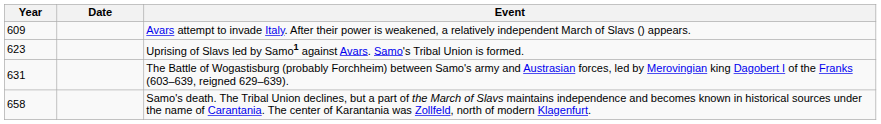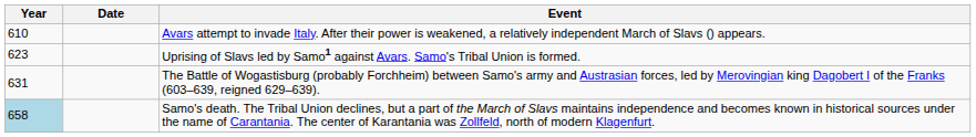 <table class="wikitable" width="100%">
 <tr>
 <th style="width:6%">Year</th>
 <th style="width:10%">Date</th>
 <th>Event</th>
 </tr>
 <tr>
-<td>609</td>
+<td>610</td>
 <td></td>
 <td><a href='#'>Avars</a> attempt to invade <a href='#'>Italy</a>. After their power is weakened, a relatively independent March of Slavs () appears.</td>
 </tr>
 <tr>
 <td>623</td>
 <td></td>
 <td>Uprising of Slavs led by Samo<sup><strong>1</strong></sup> against <a href='#'>Avars</a>. <a href='#'>Samo</a>'s Tribal Union is formed.</td>
 </tr>
 <tr>
 <td>631</td>
 <td></td>
 <td>The Battle of Wogastisburg (probably Forchheim) between Samo's army and <a href='#'>Austrasian</a> forces, led by <a href='#'>Merovingian</a> king <a href='#'>Dagobert I</a> of the <a href='#'>Franks</a> (603–639, reigned 629–639).</td>
 </tr>
 <tr>
-<td>658</td>
+<td style="background: lightblue;">658</td>
 <td></td>
 <td>Samo's death. The Tribal Union declines, but a part of <em>the March of Slavs</em> maintains independence and becomes known in historical sources under the name of <a href='#'>Carantania</a>. The center of Karantania was <a href='#'>Zollfeld</a>, north of modern <a href='#'>Klagenfurt</a>.</td>
 </tr>
 </table>
